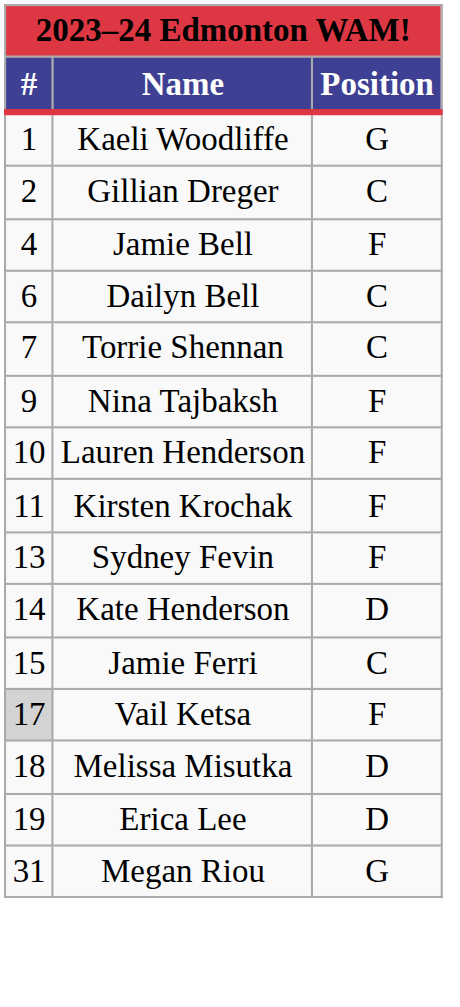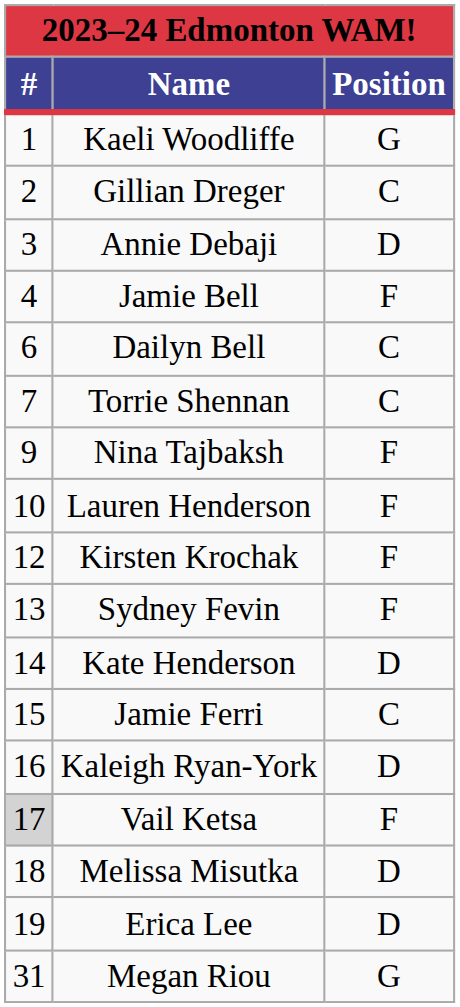 <table class="wikitable">
 <tr>
 <th style=background:#DD3743 colspan=3><span>2023–24 Edmonton WAM!</span></th>
 </tr>
 <tr style="text-align:center; background:#3E4093; border-bottom:#DD3743 3px solid; color:white;">
 <td><strong>#</strong></td>
 <td><strong>Name</strong></td>
 <td><strong>Position</strong></td>
 </tr>
 <tr style="text-align:center">
 <td>1</td>
 <td>Kaeli Woodliffe</td>
 <td>G</td>
 </tr>
 <tr style="text-align:center">
 <td>2</td>
 <td>Gillian Dreger</td>
 <td>C</td>
+</tr>
+<tr style="text-align:center">
+<td>3</td>
+<td>Annie Debaji</td>
+<td>D</td>
 </tr>
 <tr style="text-align:center">
 <td>4</td>
 <td>Jamie Bell</td>
 <td>F</td>
 </tr>
 <tr style="text-align:center">
 <td>6</td>
 <td>Dailyn Bell</td>
 <td>C</td>
 </tr>
 <tr style="text-align:center">
 <td>7</td>
 <td>Torrie Shennan</td>
 <td>C</td>
 </tr>
 <tr style="text-align:center">
 <td>9</td>
 <td>Nina Tajbaksh</td>
 <td>F</td>
 </tr>
 <tr style="text-align:center">
 <td>10</td>
 <td>Lauren Henderson</td>
 <td>F</td>
 </tr>
 <tr style="text-align:center">
-<td>11</td>
+<td>12</td>
 <td>Kirsten Krochak</td>
 <td>F</td>
 </tr>
 <tr style="text-align:center">
 <td>13</td>
 <td>Sydney Fevin</td>
 <td>F</td>
 </tr>
 <tr style="text-align:center">
 <td>14</td>
 <td>Kate Henderson</td>
 <td>D</td>
 </tr>
 <tr style="text-align:center">
 <td>15</td>
 <td>Jamie Ferri</td>
 <td>C</td>
+</tr>
+<tr style="text-align:center">
+<td>16</td>
+<td>Kaleigh Ryan-York</td>
+<td>D</td>
 </tr>
 <tr style="text-align:center">
 <td style="background: lightgrey;">17</td>
 <td>Vail Ketsa</td>
 <td>F</td>
 </tr>
 <tr style="text-align:center">
 <td>18</td>
 <td>Melissa Misutka</td>
 <td>D</td>
 </tr>
 <tr style="text-align:center">
 <td>19</td>
 <td>Erica Lee</td>
 <td>D</td>
 </tr>
 <tr style="text-align:center">
 <td>31</td>
 <td>Megan Riou</td>
 <td>G</td>
 </tr>
 </table>
